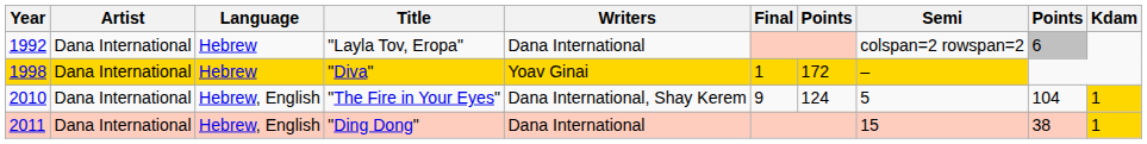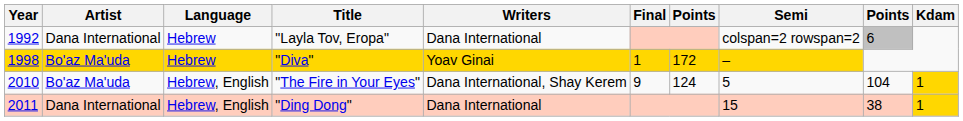 <table class="wikitable">
 <tr>
 <th>Year</th>
 <th>Artist</th>
 <th>Language</th>
 <th>Title</th>
 <th>Writers</th>
 <th>Final</th>
 <th>Points</th>
 <th>Semi</th>
 <th>Points</th>
 <th>Kdam</th>
 </tr>
 <tr>
 <td><a href='#'>1992</a></td>
 <td>Dana International</td>
 <td><a href='#'>Hebrew</a></td>
 <td>"Layla Tov, Eropa"</td>
 <td>Dana International</td>
 <td bgcolor="#FFCDBD" colspan=2></td>
 <td>colspan=2 rowspan=2 </td>
 <td bgcolor="Silver">6</td>
 </tr>
 <tr bgcolor="gold">
 <td><a href='#'>1998</a></td>
-<td>Dana International</td>
+<td><a href='#'>Bo'az Ma'uda</a></td>
 <td><a href='#'>Hebrew</a></td>
 <td>"<a href='#'>Diva</a>"</td>
 <td>Yoav Ginai</td>
 <td>1</td>
 <td>172</td>
 <td>–</td>
 </tr>
 <tr>
 <td><a href='#'>2010</a></td>
-<td>Dana International</td>
+<td><a href='#'>Bo'az Ma'uda</a></td>
 <td><a href='#'>Hebrew</a>, English</td>
 <td>"<a href='#'>The Fire in Your Eyes</a>"</td>
 <td>Dana International, Shay Kerem</td>
 <td>9</td>
 <td>124</td>
 <td>5</td>
 <td>104</td>
 <td bgcolor="gold">1</td>
 </tr>
 <tr bgcolor="#FFCDBD">
 <td><a href='#'>2011</a></td>
 <td>Dana International</td>
 <td><a href='#'>Hebrew</a>, English</td>
 <td>"<a href='#'>Ding Dong</a>"</td>
 <td>Dana International</td>
 <td colspan=2></td>
 <td>15</td>
 <td>38</td>
 <td bgcolor="gold">1</td>
 </tr>
 </table>
